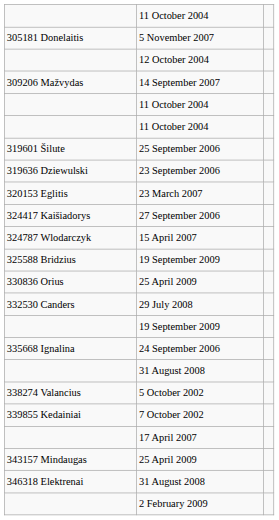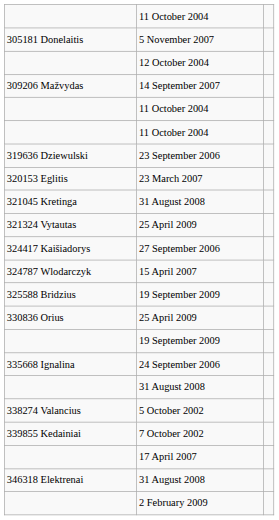 <table class="wikitable" style="font-size: 89%; float: left; width: 26em; margin-right: 1em; height: 700px;">
 <tr>
 <td></td>
 <td>11 October 2004</td>
 <td> </td>
 </tr>
 <tr>
 <td>305181 Donelaitis</td>
 <td>5 November 2007</td>
 <td></td>
 </tr>
 <tr>
 <td></td>
 <td>12 October 2004</td>
 <td> </td>
 </tr>
 <tr>
 <td>309206 Mažvydas</td>
 <td>14 September 2007</td>
 <td> </td>
 </tr>
 <tr>
 <td></td>
 <td>11 October 2004</td>
 <td> </td>
 </tr>
 <tr>
 <td></td>
 <td>11 October 2004</td>
 <td> </td>
 </tr>
 <tr>
-<td>319601 Šilute</td>
-<td>25 September 2006</td>
-<td> </td>
-</tr>
-<tr>
 <td>319636 Dziewulski</td>
 <td>23 September 2006</td>
 <td> </td>
 </tr>
 <tr>
 <td>320153 Eglitis</td>
 <td>23 March 2007</td>
 <td></td>
+</tr>
+<tr>
+<td>321045 Kretinga</td>
+<td>31 August 2008</td>
+<td> </td>
+</tr>
+<tr>
+<td>321324 Vytautas</td>
+<td>25 April 2009</td>
+<td> </td>
 </tr>
 <tr>
 <td>324417 Kaišiadorys</td>
 <td>27 September 2006</td>
 <td> </td>
 </tr>
 <tr>
 <td>324787 Wlodarczyk</td>
 <td>15 April 2007</td>
 <td></td>
 </tr>
 <tr>
 <td>325588 Bridzius</td>
 <td>19 September 2009</td>
 <td> </td>
 </tr>
 <tr>
 <td>330836 Orius</td>
 <td>25 April 2009</td>
-<td> </td>
-</tr>
-<tr>
-<td>332530 Canders</td>
-<td>29 July 2008</td>
 <td> </td>
 </tr>
 <tr>
 <td></td>
 <td>19 September 2009</td>
 <td> </td>
 </tr>
 <tr>
 <td>335668 Ignalina</td>
 <td>24 September 2006</td>
 <td> </td>
 </tr>
 <tr>
 <td></td>
 <td>31 August 2008</td>
 <td></td>
 </tr>
 <tr>
 <td>338274 Valancius</td>
 <td>5 October 2002</td>
 <td></td>
 </tr>
 <tr>
 <td>339855 Kedainiai</td>
 <td>7 October 2002</td>
 <td> </td>
 </tr>
 <tr>
 <td></td>
 <td>17 April 2007</td>
 <td> </td>
 </tr>
 <tr>
-<td>343157 Mindaugas</td>
-<td>25 April 2009</td>
-<td> </td>
-</tr>
-<tr>
 <td>346318 Elektrenai</td>
 <td>31 August 2008</td>
 <td> </td>
 </tr>
 <tr>
 <td></td>
 <td>2 February 2009</td>
 <td> </td>
 </tr>
 </table>
